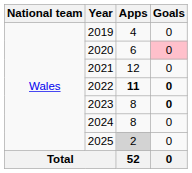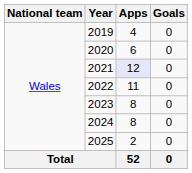 <table class="wikitable" style="text-align: center;">
 <tr>
 <th>National team</th>
 <th>Year</th>
 <th>Apps</th>
 <th>Goals</th>
 </tr>
 <tr>
 <td rowspan=7><a href='#'>Wales</a></td>
 <td>2019</td>
 <td>4</td>
 <td>0</td>
 </tr>
 <tr>
 <td>2020</td>
 <td>6</td>
-<td style="background: pink;">0</td>
+<td>0</td>
 </tr>
 <tr>
 <td>2021</td>
-<td>12</td>
+<td style="background: lavender;">12</td>
 <td>0</td>
 </tr>
 <tr>
 <td>2022</td>
-<td><strong>11</strong></td>
-<td><strong>0</strong></td>
+<td>11</td>
+<td>0</td>
 </tr>
 <tr>
 <td>2023</td>
 <td>8</td>
-<td><strong>0</strong></td>
+<td>0</td>
 </tr>
 <tr>
 <td>2024</td>
 <td>8</td>
 <td>0</td>
 </tr>
 <tr>
 <td>2025</td>
-<td style="background: lightgrey;">2</td>
+<td>2</td>
 <td>0</td>
 </tr>
 <tr>
 <th colspan=2>Total</th>
 <th>52</th>
 <th>0</th>
 </tr>
 </table>
